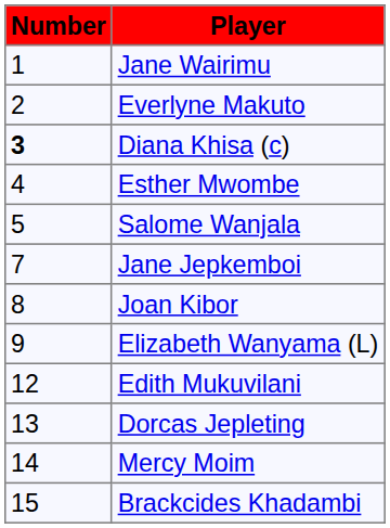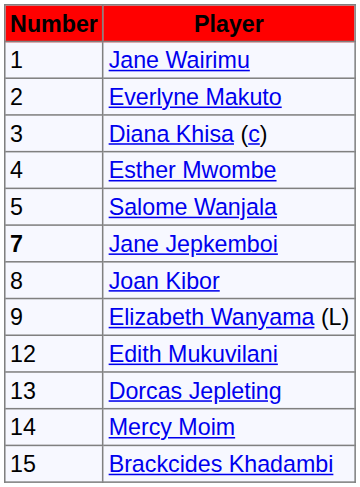 <table bgcolor="#f7f8ff" cellpadding="3" cellspacing="0" border="1" style="font-size: 95%; border: gray solid 1px; border-collapse: collapse;">
 <tr bgcolor="#ff0000">
 <td align=center><strong>Number</strong></td>
 <td align=center><strong>Player</strong></td>
 </tr>
 <tr align="left">
 <td>1</td>
 <td> <a href='#'>Jane Wairimu</a></td>
 </tr>
 <tr align=left>
 <td>2</td>
 <td> <a href='#'>Everlyne Makuto</a></td>
 </tr>
 <tr align="left">
-<td><strong>3</strong></td>
+<td>3</td>
 <td> <a href='#'>Diana Khisa</a> (<a href='#'>c</a>)</td>
 </tr>
 <tr align="left">
 <td>4</td>
 <td> <a href='#'>Esther Mwombe</a></td>
 </tr>
 <tr align="left">
 <td>5</td>
 <td> <a href='#'>Salome Wanjala</a></td>
 </tr>
 <tr align="left">
-<td>7</td>
+<td><strong>7</strong></td>
 <td> <a href='#'>Jane Jepkemboi</a></td>
 </tr>
 <tr align="left">
 <td>8</td>
 <td> <a href='#'>Joan Kibor</a></td>
 </tr>
 <tr align="left">
 <td>9</td>
 <td> <a href='#'>Elizabeth Wanyama</a> (L)</td>
 </tr>
 <tr align="left">
 <td>12</td>
 <td> <a href='#'>Edith Mukuvilani</a></td>
 </tr>
 <tr align="left">
 <td>13</td>
 <td> <a href='#'>Dorcas Jepleting</a></td>
 </tr>
 <tr align="left">
 <td>14</td>
 <td> <a href='#'>Mercy Moim</a></td>
 </tr>
 <tr align="left">
 <td>15</td>
 <td> <a href='#'>Brackcides Khadambi</a></td>
 </tr>
 </table>
